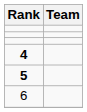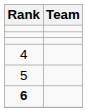 <table class="wikitable" border="1">
 <tr>
 <th>Rank</th>
 <th>Team</th>
 </tr>
 <tr>
 <td align=center></td>
 <td></td>
 </tr>
 <tr>
 <td align=center></td>
 <td></td>
 </tr>
 <tr>
 <td align=center></td>
 <td></td>
 </tr>
 <tr>
-<td align=center><strong>4</strong></td>
+<td align=center>4</td>
 <td></td>
 </tr>
 <tr>
-<td align=center><strong>5</strong></td>
+<td align=center>5</td>
 <td></td>
 </tr>
 <tr>
-<td align=center>6</td>
+<td align=center><strong>6</strong></td>
 <td></td>
 </tr>
 <tr>
 </tr>
 </table>
